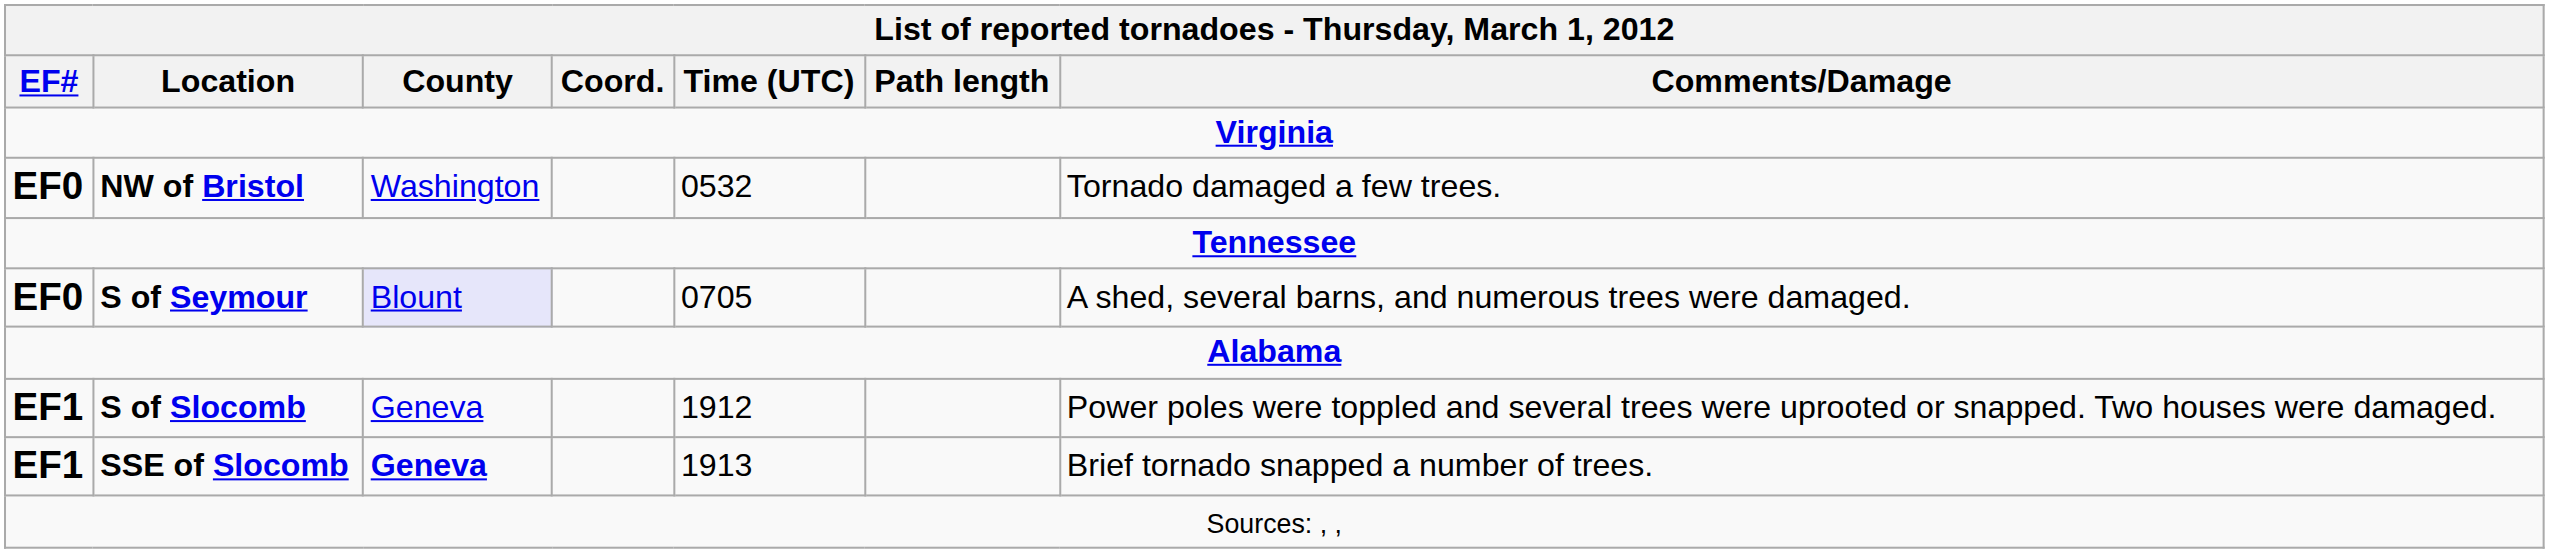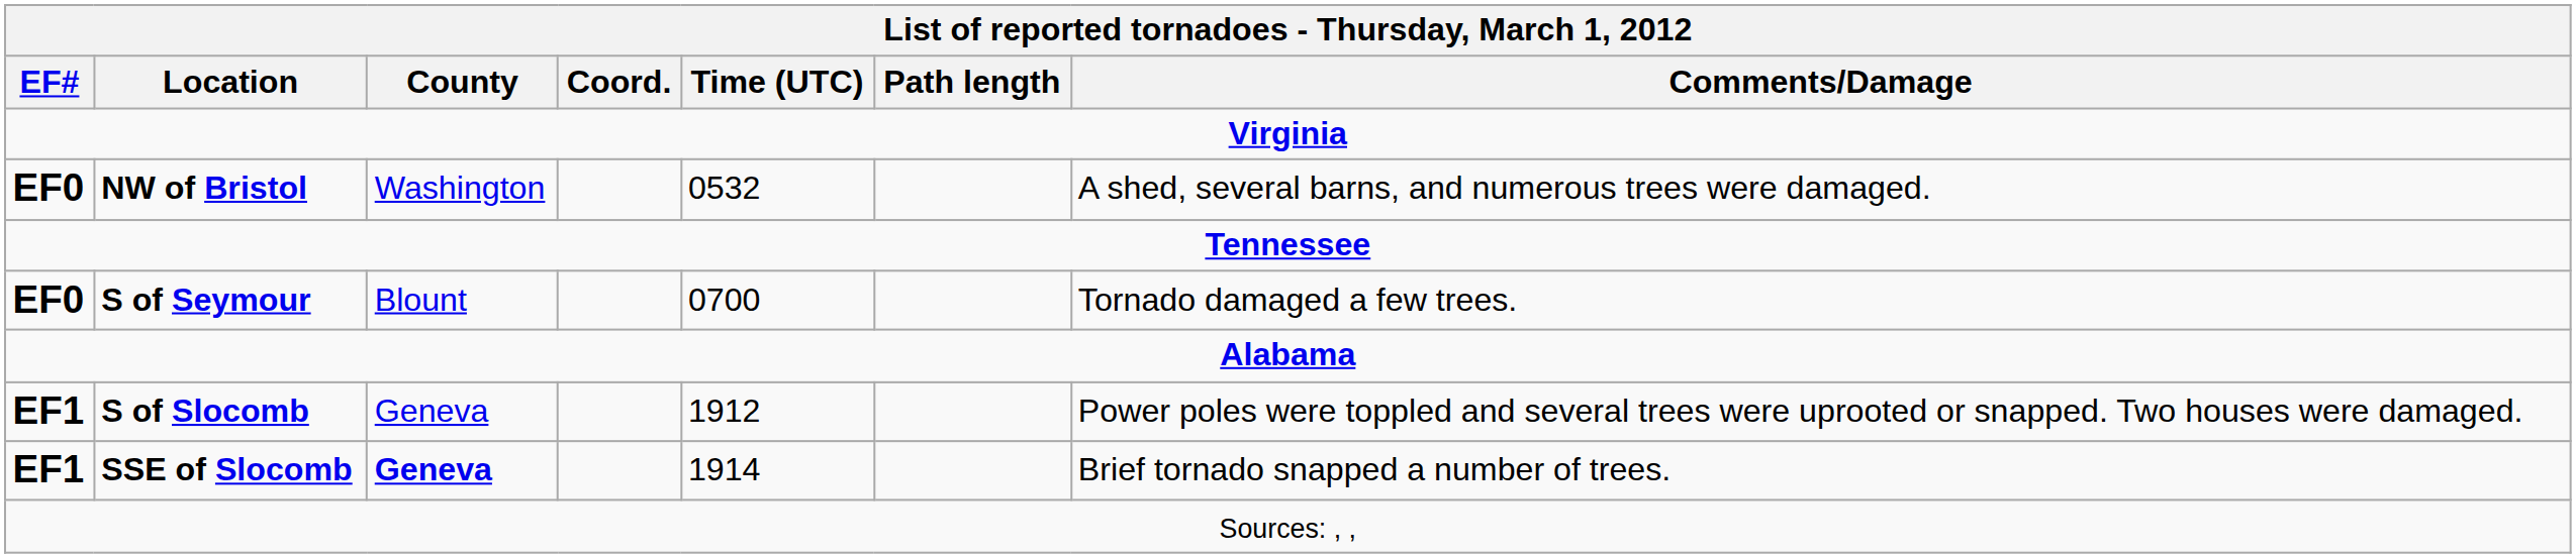 <table class="wikitable collapsible" width="100%">
 <tr>
 <th colspan="7">List of reported tornadoes - Thursday, March 1, 2012</th>
 </tr>
 <tr>
 <th><a href='#'>EF#</a></th>
 <th>Location</th>
 <th>County</th>
 <th>Coord.</th>
 <th>Time (UTC)</th>
 <th>Path length</th>
 <th>Comments/Damage</th>
 </tr>
 <tr>
 <td colspan="7" align=center><strong><a href='#'>Virginia</a></strong></td>
 </tr>
 <tr>
 <td><big><strong>EF0</strong></big></td>
 <td><strong>NW of <a href='#'>Bristol</a></strong></td>
 <td><a href='#'>Washington</a></td>
 <td></td>
 <td>0532</td>
 <td></td>
-<td>Tornado damaged a few trees.</td>
+<td>A shed, several barns, and numerous trees were damaged.</td>
 </tr>
 <tr>
 <td colspan="7" align=center><strong><a href='#'>Tennessee</a></strong></td>
 </tr>
 <tr>
 <td><big><strong>EF0</strong></big></td>
 <td><strong>S of <a href='#'>Seymour</a></strong></td>
-<td style="background: lavender;"><a href='#'>Blount</a></td>
+<td><a href='#'>Blount</a></td>
 <td></td>
-<td>0705</td>
+<td>0700</td>
 <td></td>
-<td>A shed, several barns, and numerous trees were damaged.</td>
+<td>Tornado damaged a few trees.</td>
 </tr>
 <tr>
 <td colspan="7" align=center><strong><a href='#'>Alabama</a></strong></td>
 </tr>
 <tr>
 <td><big><strong>EF1</strong></big></td>
 <td><strong>S of <a href='#'>Slocomb</a></strong></td>
 <td><a href='#'>Geneva</a></td>
 <td></td>
 <td>1912</td>
 <td></td>
 <td>Power poles were toppled and several trees were uprooted or snapped. Two houses were damaged.</td>
 </tr>
 <tr>
 <td><big><strong>EF1</strong></big></td>
 <td><strong>SSE of <a href='#'>Slocomb</a></strong></td>
 <td><strong><a href='#'>Geneva</a></strong></td>
 <td></td>
-<td>1913</td>
+<td>1914</td>
 <td></td>
 <td>Brief tornado snapped a number of trees.</td>
 </tr>
 <tr>
 <td colspan="7" align=center><small>Sources: , , </small></td>
 </tr>
 </table>
